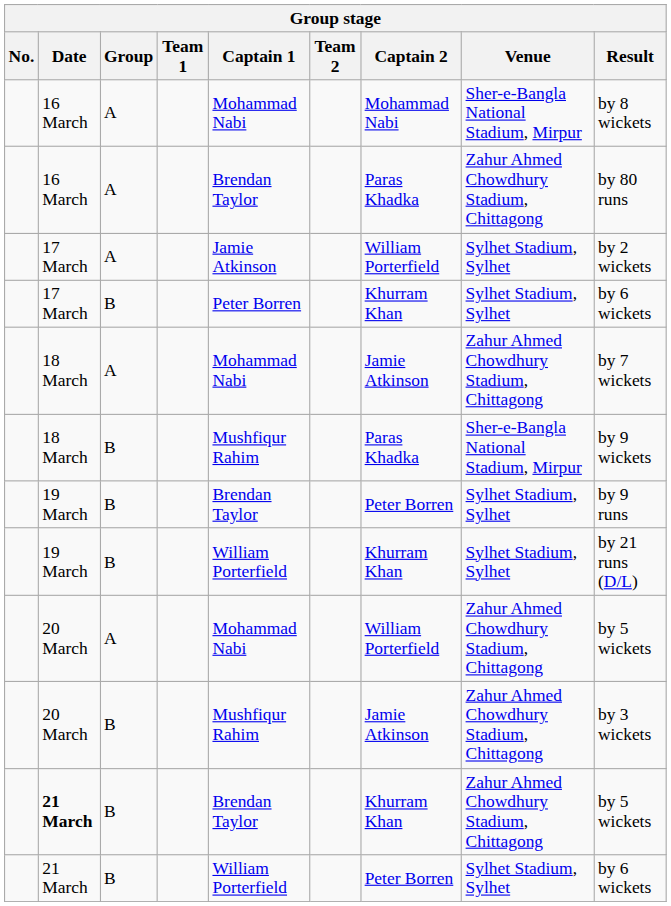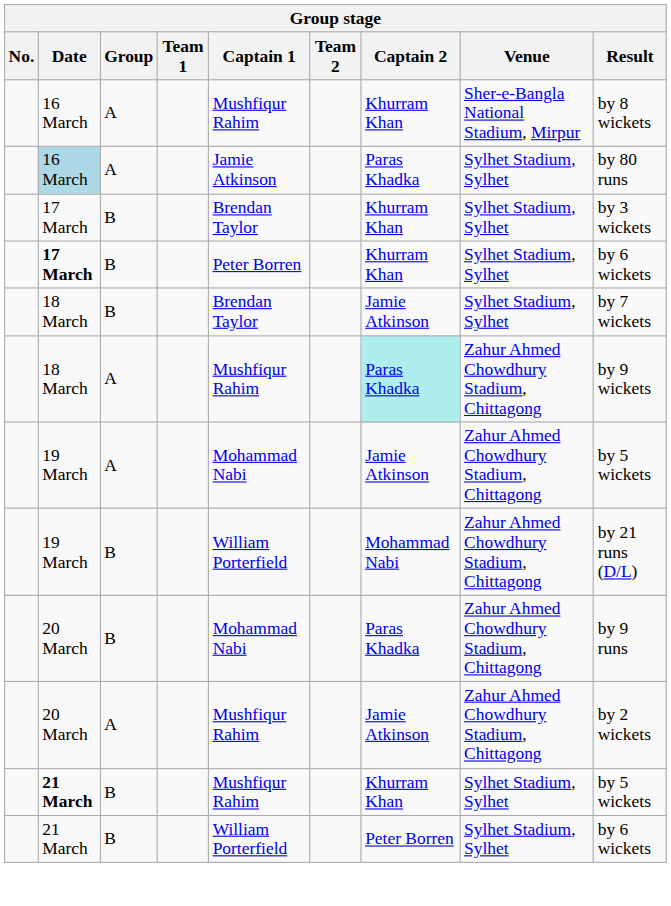 <table class="wikitable">
 <tr>
 <th colspan="9">Group stage</th>
 </tr>
 <tr>
 <th>No.</th>
 <th>Date</th>
 <th>Group</th>
 <th>Team 1</th>
 <th>Captain 1</th>
 <th>Team 2</th>
 <th>Captain 2</th>
 <th>Venue</th>
 <th>Result</th>
 </tr>
 <tr>
 <td></td>
 <td>16 March</td>
 <td>A</td>
 <td></td>
-<td><a href='#'>Mohammad Nabi</a></td>
+<td><a href='#'>Mushfiqur Rahim</a></td>
 <td></td>
-<td><a href='#'>Mohammad Nabi</a></td>
+<td><a href='#'>Khurram Khan</a></td>
 <td><a href='#'>Sher-e-Bangla National Stadium</a>, <a href='#'>Mirpur</a></td>
 <td> by 8 wickets</td>
 </tr>
 <tr>
 <td></td>
-<td>16 March</td>
+<td style="background: lightblue;">16 March</td>
 <td>A</td>
 <td></td>
-<td><a href='#'>Brendan Taylor</a></td>
+<td><a href='#'>Jamie Atkinson</a></td>
 <td></td>
 <td><a href='#'>Paras Khadka</a></td>
-<td><a href='#'>Zahur Ahmed Chowdhury Stadium</a>, <a href='#'>Chittagong</a></td>
+<td><a href='#'>Sylhet Stadium</a>, <a href='#'>Sylhet</a></td>
 <td> by 80 runs</td>
 </tr>
 <tr>
 <td></td>
 <td>17 March</td>
-<td>A</td>
+<td>B</td>
 <td></td>
-<td><a href='#'>Jamie Atkinson</a></td>
+<td><a href='#'>Brendan Taylor</a></td>
 <td></td>
-<td><a href='#'>William Porterfield</a></td>
+<td><a href='#'>Khurram Khan</a></td>
 <td><a href='#'>Sylhet Stadium</a>, <a href='#'>Sylhet</a></td>
-<td> by 2 wickets</td>
+<td> by 3 wickets</td>
 </tr>
 <tr>
 <td></td>
-<td>17 March</td>
+<td><strong>17 March</strong></td>
 <td>B</td>
 <td></td>
 <td><a href='#'>Peter Borren</a></td>
 <td></td>
 <td><a href='#'>Khurram Khan</a></td>
 <td><a href='#'>Sylhet Stadium</a>, <a href='#'>Sylhet</a></td>
 <td> by 6 wickets</td>
 </tr>
 <tr>
 <td></td>
 <td>18 March</td>
+<td>B</td>
+<td></td>
+<td><a href='#'>Brendan Taylor</a></td>
+<td></td>
+<td><a href='#'>Jamie Atkinson</a></td>
+<td><a href='#'>Sylhet Stadium</a>, <a href='#'>Sylhet</a></td>
+<td> by 7 wickets</td>
+</tr>
+<tr>
+<td></td>
+<td>18 March</td>
+<td>A</td>
+<td></td>
+<td><a href='#'>Mushfiqur Rahim</a></td>
+<td></td>
+<td style="background: paleturquoise;"><a href='#'>Paras Khadka</a></td>
+<td><a href='#'>Zahur Ahmed Chowdhury Stadium</a>, <a href='#'>Chittagong</a></td>
+<td> by 9 wickets</td>
+</tr>
+<tr>
+<td></td>
+<td>19 March</td>
 <td>A</td>
 <td></td>
 <td><a href='#'>Mohammad Nabi</a></td>
 <td></td>
 <td><a href='#'>Jamie Atkinson</a></td>
 <td><a href='#'>Zahur Ahmed Chowdhury Stadium</a>, <a href='#'>Chittagong</a></td>
-<td> by 7 wickets</td>
-</tr>
-<tr>
-<td></td>
-<td>18 March</td>
-<td>B</td>
-<td></td>
-<td><a href='#'>Mushfiqur Rahim</a></td>
-<td></td>
-<td><a href='#'>Paras Khadka</a></td>
-<td><a href='#'>Sher-e-Bangla National Stadium</a>, <a href='#'>Mirpur</a></td>
-<td> by 9 wickets</td>
-</tr>
-<tr>
-<td></td>
-<td>19 March</td>
-<td>B</td>
-<td></td>
-<td><a href='#'>Brendan Taylor</a></td>
-<td></td>
-<td><a href='#'>Peter Borren</a></td>
-<td><a href='#'>Sylhet Stadium</a>, <a href='#'>Sylhet</a></td>
-<td> by 9 runs</td>
+<td> by 5 wickets</td>
 </tr>
 <tr>
 <td></td>
 <td>19 March</td>
 <td>B</td>
 <td></td>
 <td><a href='#'>William Porterfield</a></td>
 <td></td>
-<td><a href='#'>Khurram Khan</a></td>
-<td><a href='#'>Sylhet Stadium</a>, <a href='#'>Sylhet</a></td>
+<td><a href='#'>Mohammad Nabi</a></td>
+<td><a href='#'>Zahur Ahmed Chowdhury Stadium</a>, <a href='#'>Chittagong</a></td>
 <td> by 21 runs (<a href='#'>D/L</a>)</td>
+</tr>
+<tr>
+<td></td>
+<td>20 March</td>
+<td>B</td>
+<td></td>
+<td><a href='#'>Mohammad Nabi</a></td>
+<td></td>
+<td><a href='#'>Paras Khadka</a></td>
+<td><a href='#'>Zahur Ahmed Chowdhury Stadium</a>, <a href='#'>Chittagong</a></td>
+<td> by 9 runs</td>
 </tr>
 <tr>
 <td></td>
 <td>20 March</td>
 <td>A</td>
 <td></td>
-<td><a href='#'>Mohammad Nabi</a></td>
-<td></td>
-<td><a href='#'>William Porterfield</a></td>
-<td><a href='#'>Zahur Ahmed Chowdhury Stadium</a>, <a href='#'>Chittagong</a></td>
-<td> by 5 wickets</td>
-</tr>
-<tr>
-<td></td>
-<td>20 March</td>
-<td>B</td>
-<td></td>
 <td><a href='#'>Mushfiqur Rahim</a></td>
 <td></td>
 <td><a href='#'>Jamie Atkinson</a></td>
 <td><a href='#'>Zahur Ahmed Chowdhury Stadium</a>, <a href='#'>Chittagong</a></td>
-<td> by 3 wickets</td>
+<td> by 2 wickets</td>
 </tr>
 <tr>
 <td></td>
 <td><strong>21 March</strong></td>
 <td>B</td>
 <td></td>
-<td><a href='#'>Brendan Taylor</a></td>
+<td><a href='#'>Mushfiqur Rahim</a></td>
 <td></td>
 <td><a href='#'>Khurram Khan</a></td>
-<td><a href='#'>Zahur Ahmed Chowdhury Stadium</a>, <a href='#'>Chittagong</a></td>
+<td><a href='#'>Sylhet Stadium</a>, <a href='#'>Sylhet</a></td>
 <td> by 5 wickets</td>
 </tr>
 <tr>
 <td></td>
 <td>21 March</td>
 <td>B</td>
 <td></td>
 <td><a href='#'>William Porterfield</a></td>
 <td></td>
 <td><a href='#'>Peter Borren</a></td>
 <td><a href='#'>Sylhet Stadium</a>, <a href='#'>Sylhet</a></td>
 <td> by 6 wickets</td>
 </tr>
 </table>
